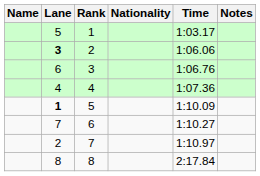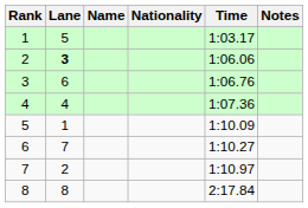 <table class="wikitable sortable" style="text-align:center">
 <tr>
+<th>Rank</th>
+<th>Lane</th>
 <th>Name</th>
-<th>Lane</th>
-<th>Rank</th>
 <th>Nationality</th>
 <th>Time</th>
 <th>Notes</th>
 </tr>
 <tr bgcolor=ccffcc>
+<td>1</td>
+<td>5</td>
 <td align=left></td>
-<td>5</td>
-<td>1</td>
 <td align=left></td>
 <td>1:03.17</td>
 <td><strong></strong></td>
 </tr>
 <tr bgcolor=ccffcc>
+<td>2</td>
+<td><strong>3</strong></td>
 <td align=left></td>
-<td><strong>3</strong></td>
-<td>2</td>
 <td align=left></td>
 <td>1:06.06</td>
 <td><strong></strong></td>
 </tr>
 <tr bgcolor=ccffcc>
+<td>3</td>
+<td>6</td>
 <td align=left></td>
-<td>6</td>
-<td>3</td>
 <td align=left></td>
 <td>1:06.76</td>
 <td><strong></strong></td>
 </tr>
 <tr bgcolor=ccffcc>
-<td align=left></td>
 <td>4</td>
 <td>4</td>
+<td align=left></td>
 <td align=left></td>
 <td>1:07.36</td>
 <td><strong></strong></td>
 </tr>
 <tr>
+<td>5</td>
+<td>1</td>
 <td align=left></td>
-<td><strong>1</strong></td>
-<td>5</td>
 <td align=left></td>
 <td>1:10.09</td>
 <td></td>
 </tr>
 <tr>
+<td>6</td>
+<td>7</td>
 <td align=left></td>
-<td>7</td>
-<td>6</td>
 <td align=left></td>
 <td>1:10.27</td>
 <td></td>
 </tr>
 <tr>
+<td>7</td>
+<td>2</td>
 <td align=left></td>
-<td>2</td>
-<td>7</td>
 <td align=left></td>
 <td>1:10.97</td>
 <td></td>
 </tr>
 <tr>
-<td align=left></td>
 <td>8</td>
 <td>8</td>
+<td align=left></td>
 <td align=left></td>
 <td>2:17.84</td>
 <td></td>
 </tr>
 </table>
